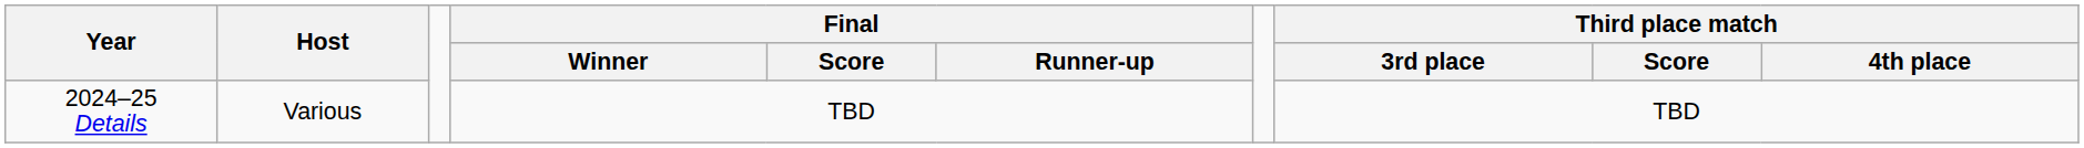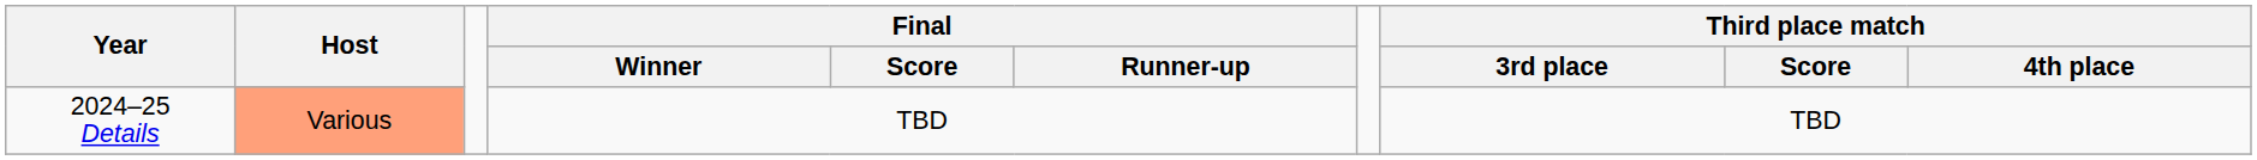 <table class="wikitable" style="font-size:90%; width: 100%; text-align: center;">
 <tr>
 <th rowspan=2 width=10%>Year</th>
 <th rowspan=2 width=10%>Host</th>
 <td rowspan="26" width="1%"></td>
 <th colspan=3>Final</th>
 <td rowspan="26" width="1%"></td>
 <th colspan=3>Third place match</th>
 </tr>
 <tr>
 <th width=15%>Winner</th>
 <th width=8%>Score</th>
 <th width=15%>Runner-up</th>
 <th width=15%>3rd place</th>
 <th width=8%>Score</th>
 <th width=15%>4th place</th>
 </tr>
 <tr>
 <td>2024–25 <br> <em><a href='#'>Details</a></em></td>
-<td>Various</td>
+<td style="background: lightsalmon;">Various</td>
 <td colspan="3">TBD</td>
 <td colspan="3">TBD</td>
 </tr>
 </table>
